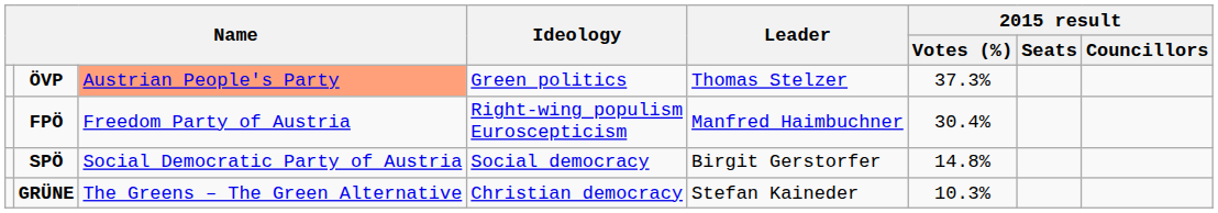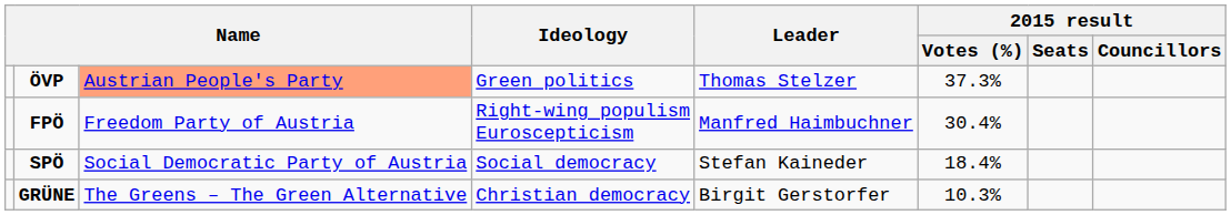 <table class="wikitable">
 <tr>
 <th rowspan="2" colspan="3">Name</th>
 <th rowspan="2">Ideology</th>
 <th rowspan="2">Leader</th>
 <th colspan="3">2015 result</th>
 </tr>
 <tr>
 <th>Votes (%)</th>
 <th>Seats</th>
 <th>Councillors</th>
 </tr>
 <tr>
 <td style="background:"></td>
 <td style="text-align:center;"><strong>ÖVP</strong></td>
 <td style="background: lightsalmon;"><a href='#'>Austrian People's Party</a><br></td>
 <td><a href='#'>Green politics</a></td>
 <td><a href='#'>Thomas Stelzer</a></td>
 <td style="text-align:center;">37.3%</td>
 <td></td>
 <td></td>
 </tr>
 <tr>
 <td style="background:"></td>
 <td style="text-align:center;"><strong>FPÖ</strong></td>
 <td><a href='#'>Freedom Party of Austria</a><br></td>
 <td><a href='#'>Right-wing populism</a><br><a href='#'>Euroscepticism</a></td>
 <td><a href='#'>Manfred Haimbuchner</a></td>
 <td style="text-align:center;">30.4%</td>
 <td></td>
 <td></td>
 </tr>
 <tr>
 <td style="background:"></td>
 <td style="text-align:center;"><strong>SPÖ</strong></td>
 <td><a href='#'>Social Democratic Party of Austria</a><br></td>
 <td><a href='#'>Social democracy</a></td>
-<td>Birgit Gerstorfer</td>
-<td style="text-align:center;">14.8%</td>
+<td>Stefan Kaineder</td>
+<td style="text-align:center;">18.4%</td>
 <td></td>
 <td></td>
 </tr>
 <tr>
 <td style="background:"></td>
 <td style="text-align:center;"><strong>GRÜNE</strong></td>
 <td><a href='#'>The Greens – The Green Alternative</a><br></td>
 <td><a href='#'>Christian democracy</a></td>
-<td>Stefan Kaineder</td>
+<td>Birgit Gerstorfer</td>
 <td style="text-align:center;">10.3%</td>
 <td></td>
 <td></td>
 </tr>
 </table>
